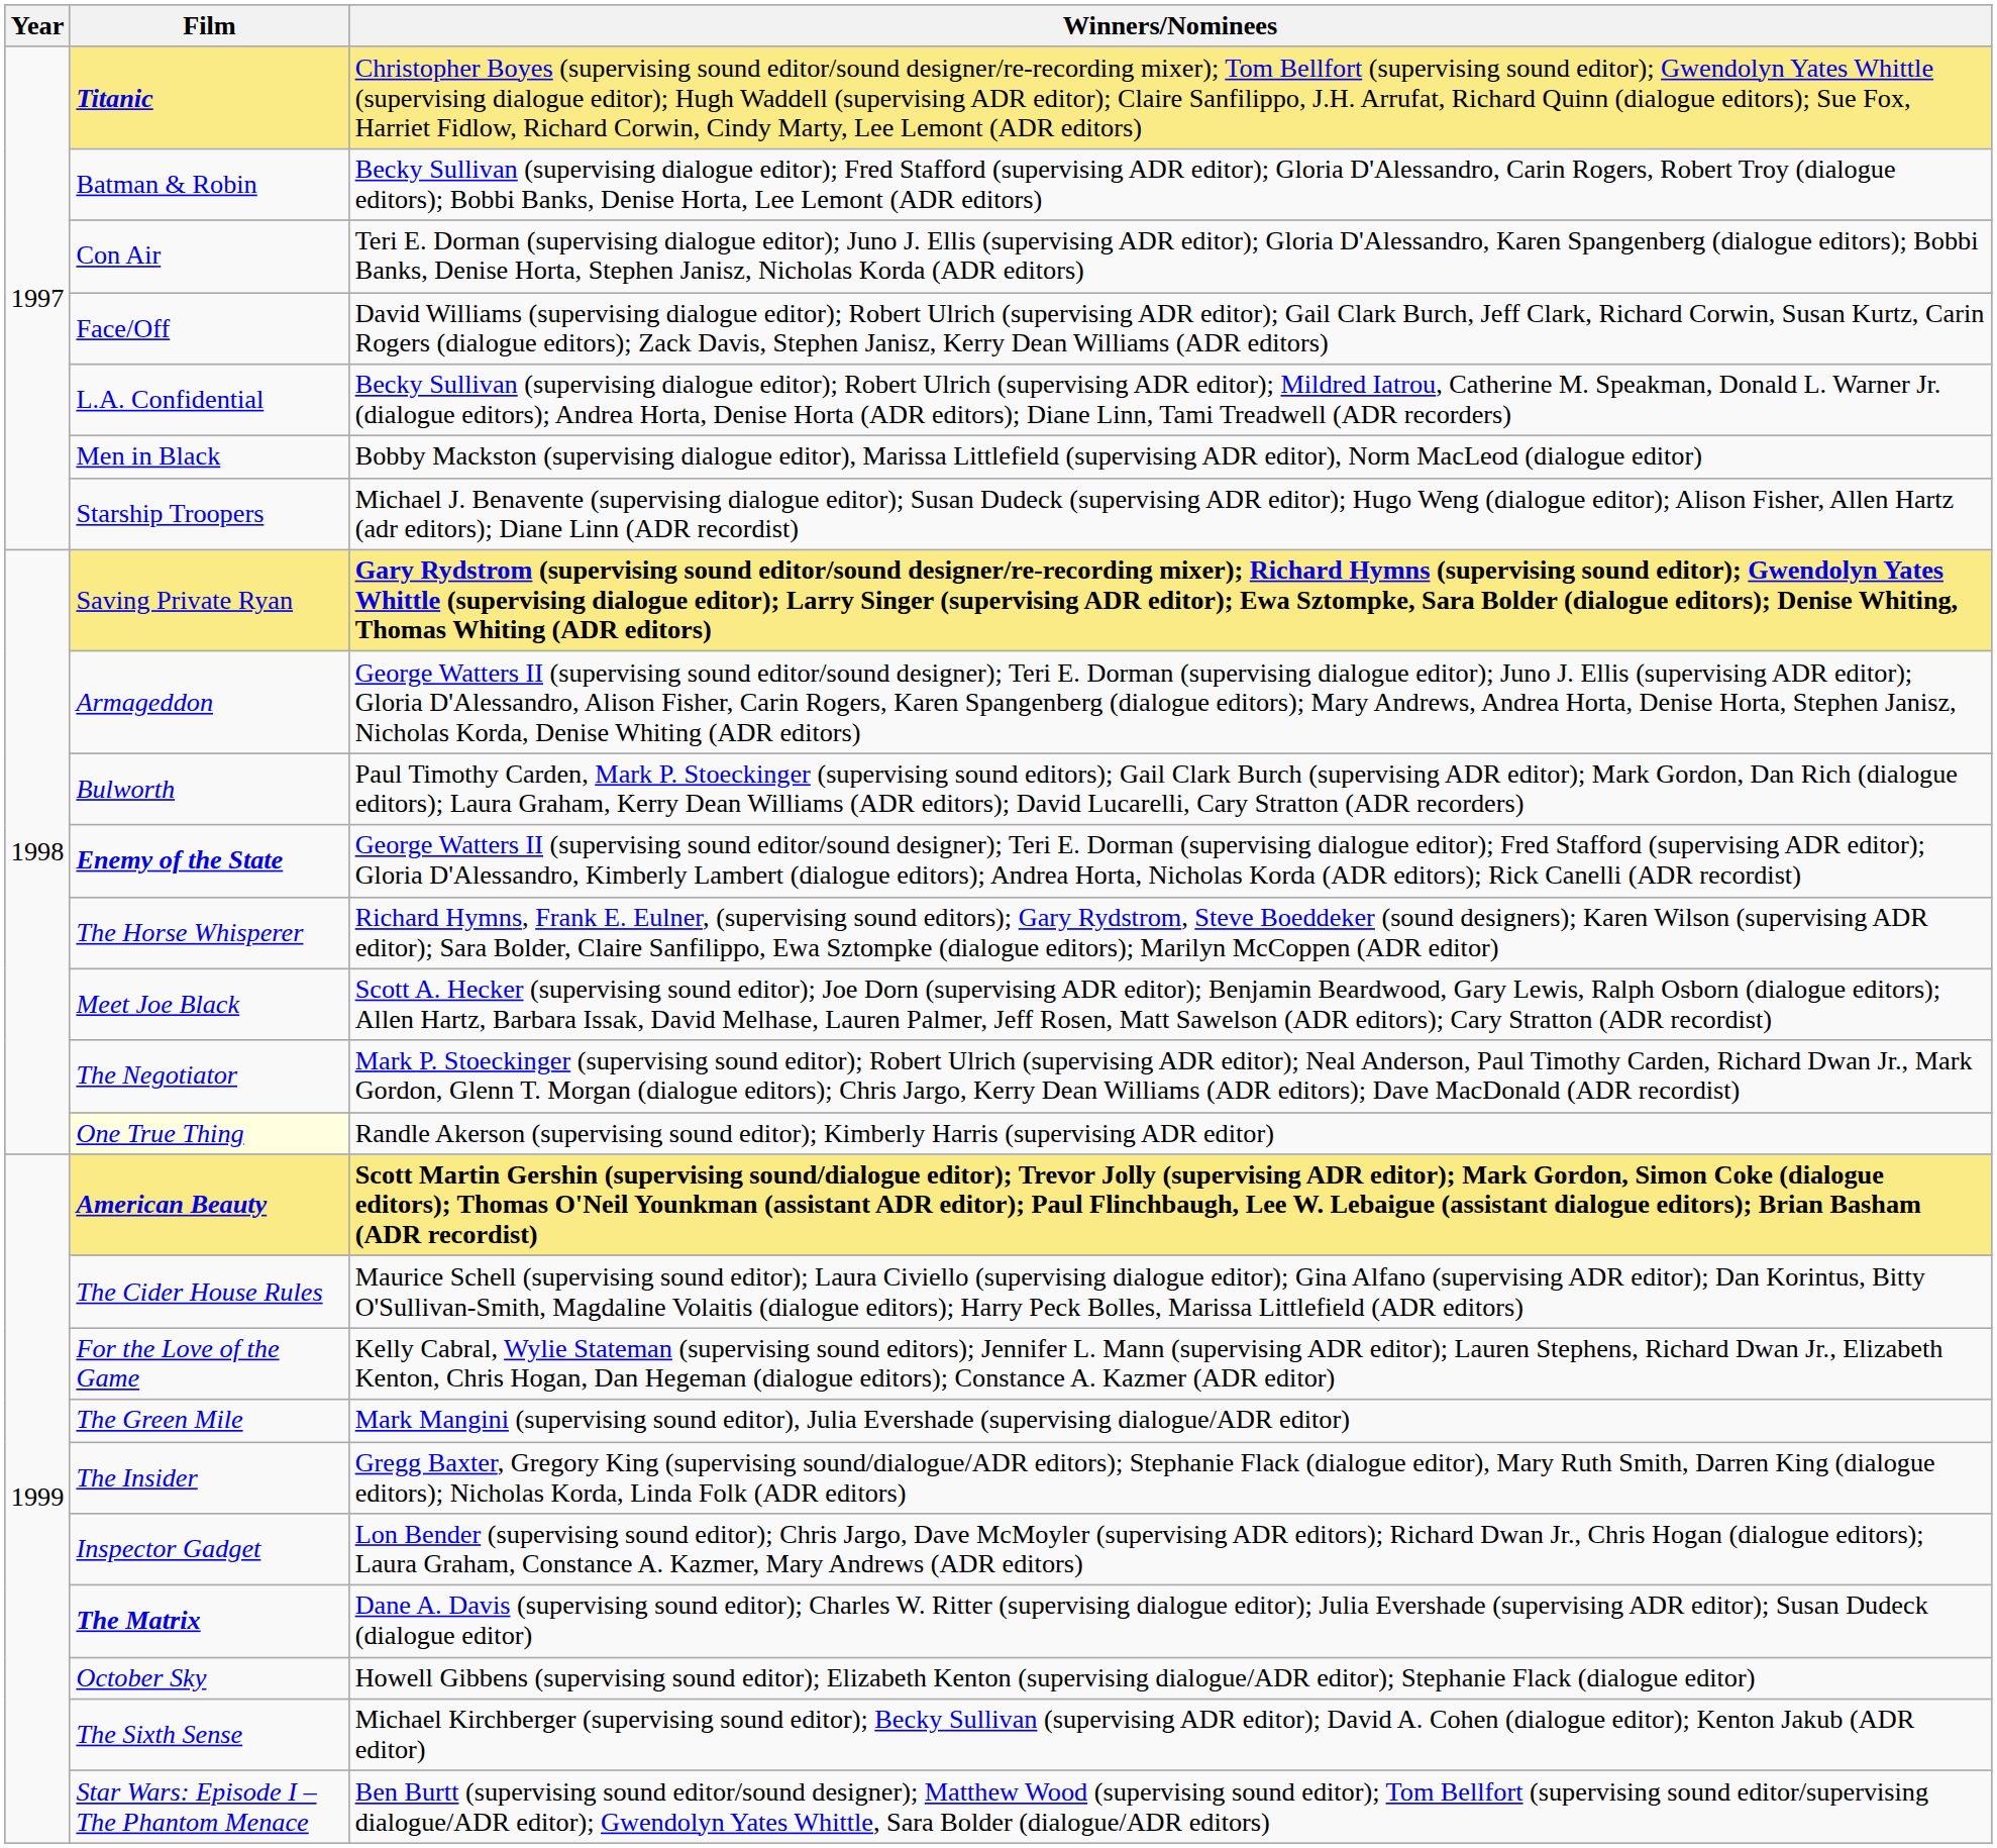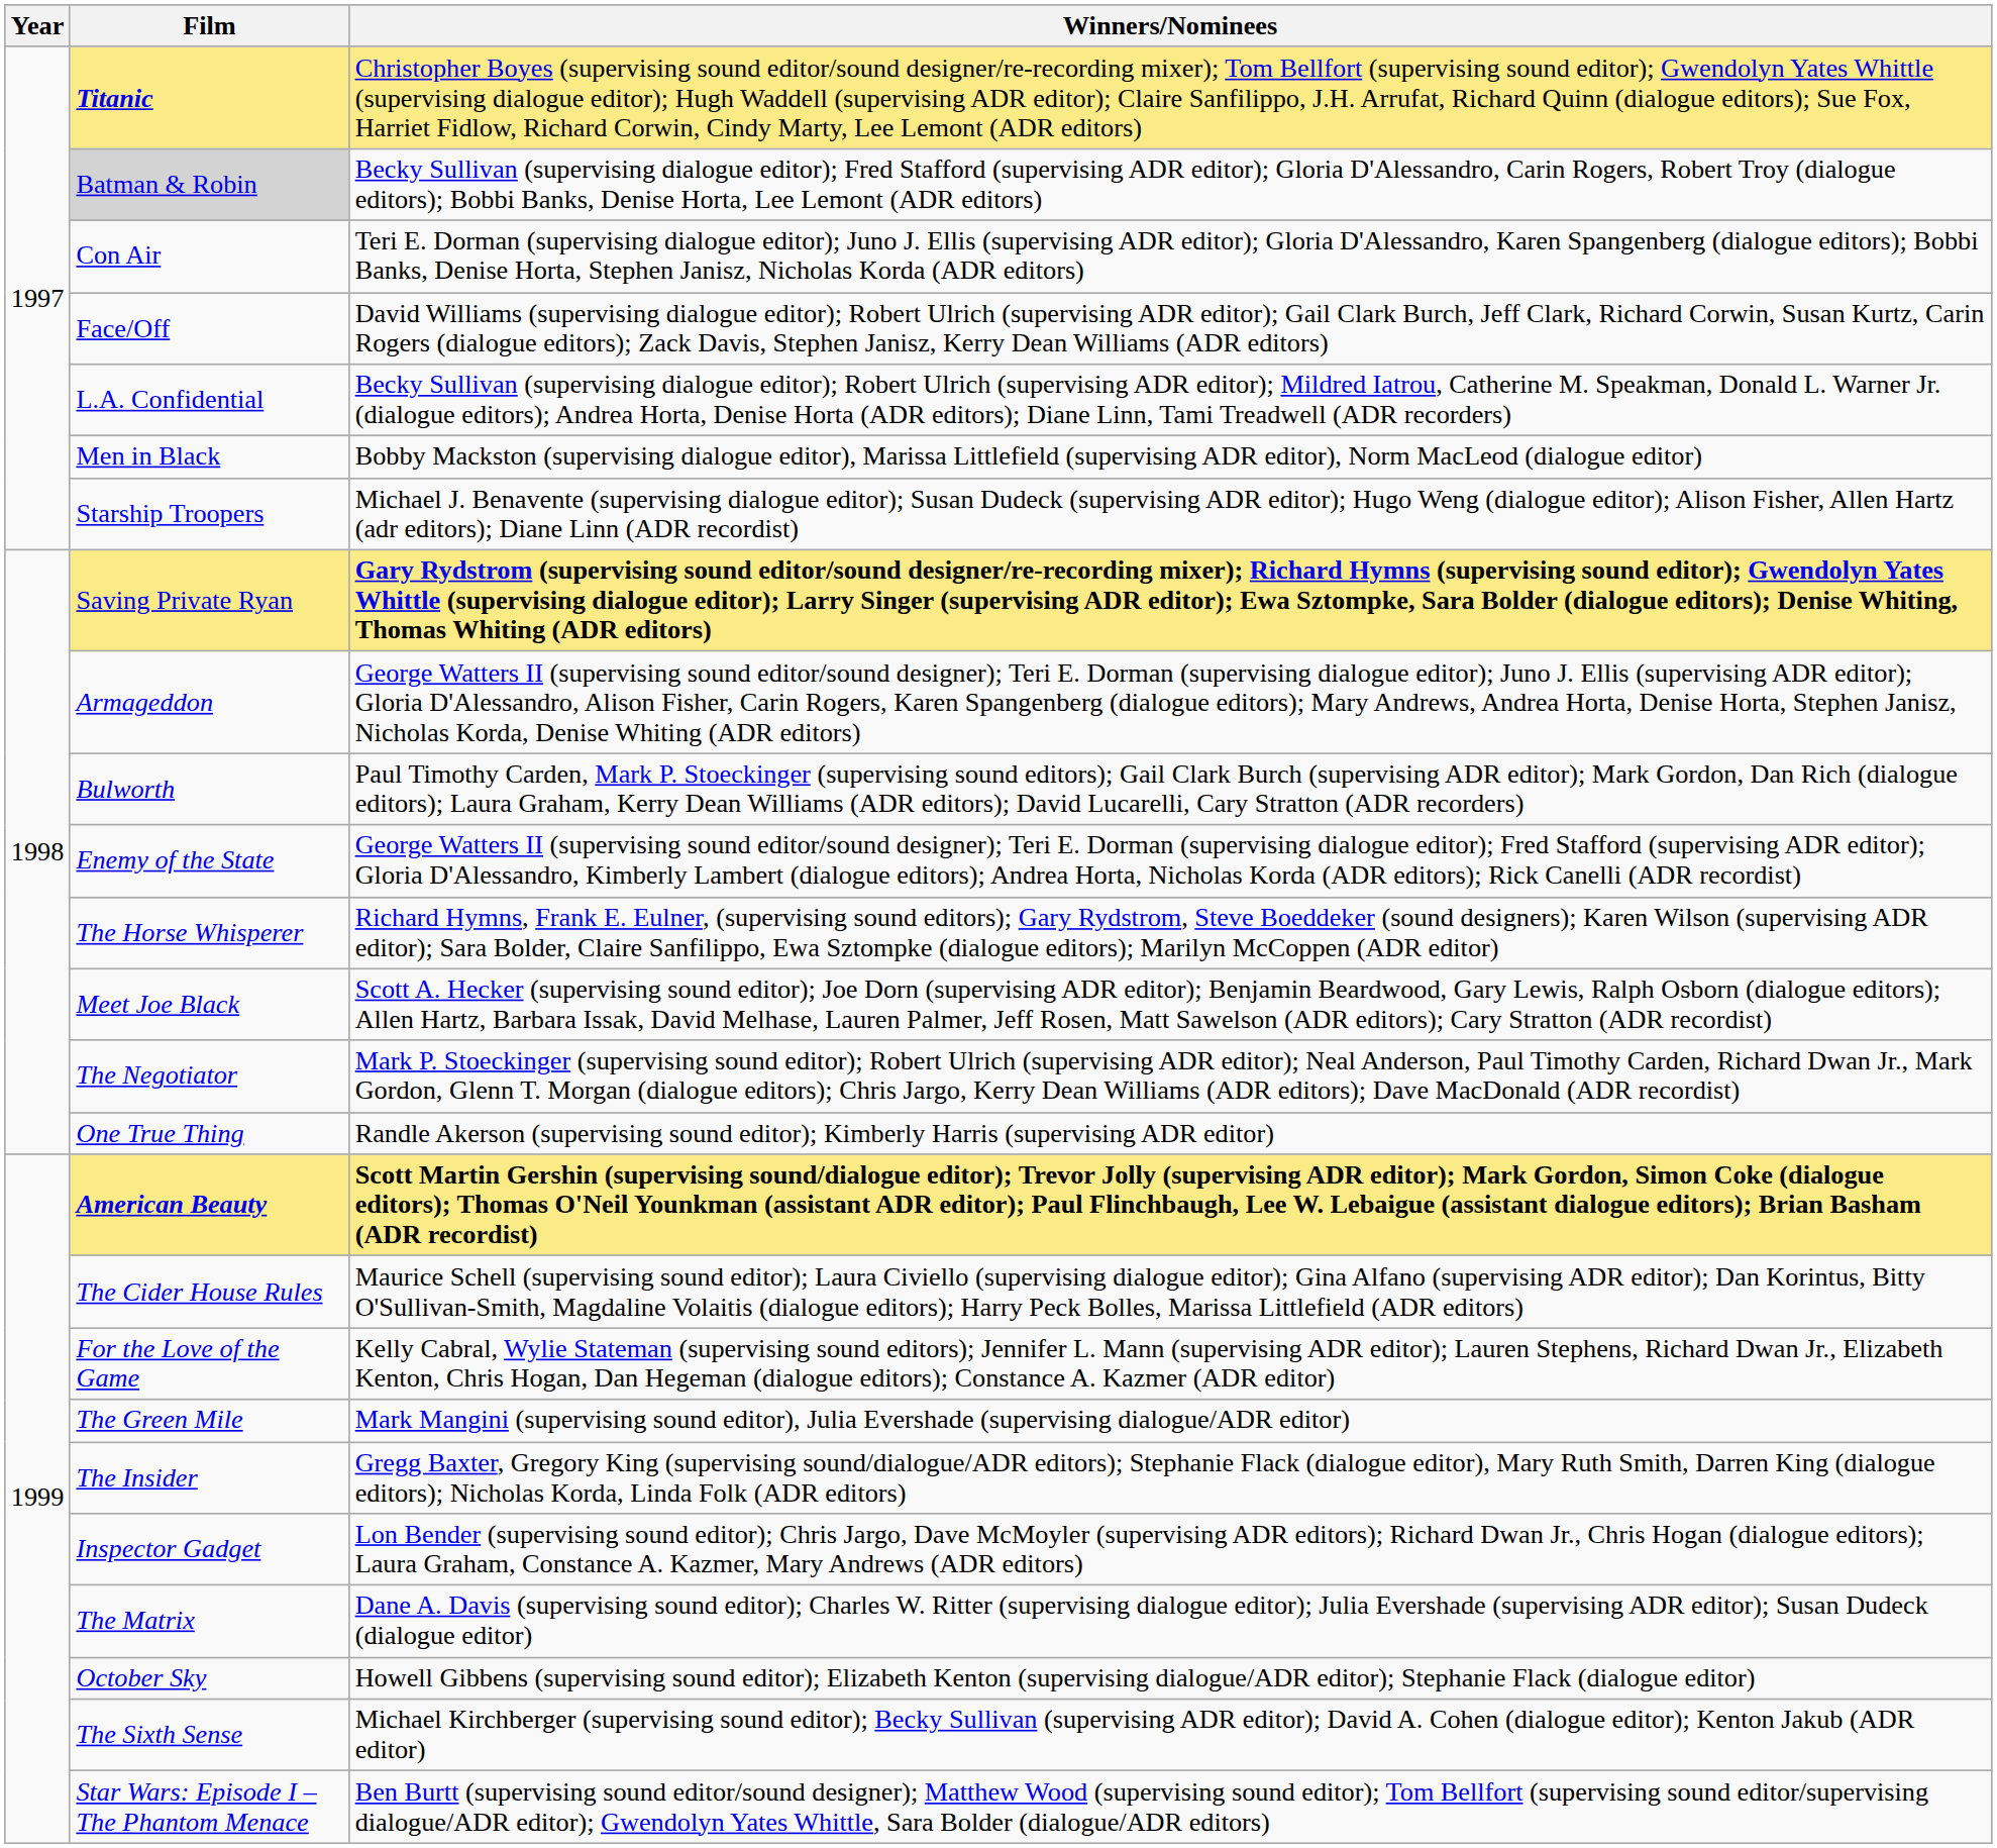 <table class="wikitable" width="95%" cellpadding="5">
 <tr>
 <th>Year</th>
 <th>Film</th>
 <th>Winners/Nominees</th>
 </tr>
 <tr>
 <td rowspan=7 style="text-align:center">1997<br></td>
 <td style="background:#FAEB86;"><strong><em><a href='#'>Titanic</a><em> <strong></td>
 <td style="background:#FAEB86;"></strong><a href='#'>Christopher Boyes</a> (supervising sound editor/sound designer/re-recording mixer); <a href='#'>Tom Bellfort</a> (supervising sound editor); <a href='#'>Gwendolyn Yates Whittle</a> (supervising dialogue editor); Hugh Waddell (supervising ADR editor); Claire Sanfilippo, J.H. Arrufat, Richard Quinn (dialogue editors); Sue Fox, Harriet Fidlow, Richard Corwin, Cindy Marty, Lee Lemont (ADR editors)<strong></td>
 </tr>
 <tr>
-<td></em><a href='#'>Batman & Robin</a><em></td>
+<td style="background: lightgrey;"></em><a href='#'>Batman & Robin</a><em></td>
 <td><a href='#'>Becky Sullivan</a> (supervising dialogue editor); Fred Stafford (supervising ADR editor); Gloria D'Alessandro, Carin Rogers, Robert Troy (dialogue editors); Bobbi Banks, Denise Horta, Lee Lemont (ADR editors)</td>
 </tr>
 <tr>
 <td></em><a href='#'>Con Air</a><em></td>
 <td>Teri E. Dorman (supervising dialogue editor); Juno J. Ellis (supervising ADR editor); Gloria D'Alessandro, Karen Spangenberg (dialogue editors); Bobbi Banks, Denise Horta, Stephen Janisz, Nicholas Korda (ADR editors)</td>
 </tr>
 <tr>
 <td></em><a href='#'>Face/Off</a><em></td>
 <td>David Williams (supervising dialogue editor); Robert Ulrich (supervising ADR editor); Gail Clark Burch, Jeff Clark, Richard Corwin, Susan Kurtz, Carin Rogers (dialogue editors); Zack Davis, Stephen Janisz, Kerry Dean Williams (ADR editors)</td>
 </tr>
 <tr>
 <td></em><a href='#'>L.A. Confidential</a><em></td>
 <td><a href='#'>Becky Sullivan</a> (supervising dialogue editor); Robert Ulrich (supervising ADR editor); <a href='#'>Mildred Iatrou</a>, Catherine M. Speakman, Donald L. Warner Jr. (dialogue editors); Andrea Horta, Denise Horta (ADR editors); Diane Linn, Tami Treadwell (ADR recorders)</td>
 </tr>
 <tr>
 <td></em><a href='#'>Men in Black</a><em></td>
 <td>Bobby Mackston (supervising dialogue editor), Marissa Littlefield (supervising ADR editor), Norm MacLeod (dialogue editor)</td>
 </tr>
 <tr>
 <td></em><a href='#'>Starship Troopers</a><em></td>
 <td>Michael J. Benavente (supervising dialogue editor); Susan Dudeck (supervising ADR editor); Hugo Weng (dialogue editor); Alison Fisher, Allen Hartz (adr editors); Diane Linn (ADR recordist)</td>
 </tr>
 <tr>
 <td rowspan=8 style="text-align:center">1998<br></td>
 <td style="background:#FAEB86;"></em></strong><a href='#'>Saving Private Ryan</a></em> </strong></td>
 <td style="background:#FAEB86;"><strong><a href='#'>Gary Rydstrom</a> (supervising sound editor/sound designer/re-recording mixer); <a href='#'>Richard Hymns</a> (supervising sound editor); <a href='#'>Gwendolyn Yates Whittle</a> (supervising dialogue editor); Larry Singer (supervising ADR editor); Ewa Sztompke, Sara Bolder (dialogue editors); Denise Whiting, Thomas Whiting (ADR editors)</strong></td>
 </tr>
 <tr>
 <td><em><a href='#'>Armageddon</a></em></td>
 <td><a href='#'>George Watters II</a> (supervising sound editor/sound designer); Teri E. Dorman (supervising dialogue editor); Juno J. Ellis (supervising ADR editor); Gloria D'Alessandro, Alison Fisher, Carin Rogers, Karen Spangenberg (dialogue editors); Mary Andrews, Andrea Horta, Denise Horta, Stephen Janisz, Nicholas Korda, Denise Whiting (ADR editors)</td>
 </tr>
 <tr>
 <td><em><a href='#'>Bulworth</a></em></td>
 <td>Paul Timothy Carden, <a href='#'>Mark P. Stoeckinger</a> (supervising sound editors); Gail Clark Burch (supervising ADR editor); Mark Gordon, Dan Rich (dialogue editors); Laura Graham, Kerry Dean Williams (ADR editors); David Lucarelli, Cary Stratton (ADR recorders)</td>
 </tr>
 <tr>
-<td><strong><em><a href='#'>Enemy of the State</a></em></strong></td>
+<td><em><a href='#'>Enemy of the State</a></em></td>
 <td><a href='#'>George Watters II</a> (supervising sound editor/sound designer); Teri E. Dorman (supervising dialogue editor); Fred Stafford (supervising ADR editor); Gloria D'Alessandro, Kimberly Lambert (dialogue editors); Andrea Horta, Nicholas Korda (ADR editors); Rick Canelli (ADR recordist)</td>
 </tr>
 <tr>
 <td><em><a href='#'>The Horse Whisperer</a></em></td>
 <td><a href='#'>Richard Hymns</a>, <a href='#'>Frank E. Eulner</a>, (supervising sound editors); <a href='#'>Gary Rydstrom</a>, <a href='#'>Steve Boeddeker</a> (sound designers); Karen Wilson (supervising ADR editor); Sara Bolder, Claire Sanfilippo, Ewa Sztompke (dialogue editors); Marilyn McCoppen (ADR editor)</td>
 </tr>
 <tr>
 <td><em><a href='#'>Meet Joe Black</a></em></td>
 <td><a href='#'>Scott A. Hecker</a> (supervising sound editor); Joe Dorn (supervising ADR editor); Benjamin Beardwood, Gary Lewis, Ralph Osborn (dialogue editors); Allen Hartz, Barbara Issak, David Melhase, Lauren Palmer, Jeff Rosen, Matt Sawelson (ADR editors); Cary Stratton (ADR recordist)</td>
 </tr>
 <tr>
 <td><em><a href='#'>The Negotiator</a></em></td>
 <td><a href='#'>Mark P. Stoeckinger</a> (supervising sound editor); Robert Ulrich (supervising ADR editor); Neal Anderson, Paul Timothy Carden, Richard Dwan Jr., Mark Gordon, Glenn T. Morgan (dialogue editors); Chris Jargo, Kerry Dean Williams (ADR editors); Dave MacDonald (ADR recordist)</td>
 </tr>
 <tr>
-<td style="background: lightyellow;"><em><a href='#'>One True Thing</a></em></td>
+<td><em><a href='#'>One True Thing</a></em></td>
 <td>Randle Akerson (supervising sound editor); Kimberly Harris (supervising ADR editor)</td>
 </tr>
 <tr>
 <td rowspan=10 style="text-align:center">1999<br></td>
 <td style="background:#FAEB86;"><strong><em><a href='#'>American Beauty</a></em></strong></td>
 <td style="background:#FAEB86;"><strong>Scott Martin Gershin (supervising sound/dialogue editor); Trevor Jolly (supervising ADR editor); Mark Gordon, Simon Coke (dialogue editors); Thomas O'Neil Younkman (assistant ADR editor); Paul Flinchbaugh, Lee W. Lebaigue (assistant dialogue editors); Brian Basham (ADR recordist)</strong></td>
 </tr>
 <tr>
 <td><em><a href='#'>The Cider House Rules</a></em></td>
 <td>Maurice Schell (supervising sound editor); Laura Civiello (supervising dialogue editor); Gina Alfano (supervising ADR editor); Dan Korintus, Bitty O'Sullivan-Smith, Magdaline Volaitis (dialogue editors); Harry Peck Bolles, Marissa Littlefield (ADR editors)</td>
 </tr>
 <tr>
 <td><em><a href='#'>For the Love of the Game</a></em></td>
 <td>Kelly Cabral, <a href='#'>Wylie Stateman</a> (supervising sound editors); Jennifer L. Mann (supervising ADR editor); Lauren Stephens, Richard Dwan Jr., Elizabeth Kenton, Chris Hogan, Dan Hegeman (dialogue editors); Constance A. Kazmer (ADR editor)</td>
 </tr>
 <tr>
 <td><em><a href='#'>The Green Mile</a></em></td>
 <td><a href='#'>Mark Mangini</a> (supervising sound editor), Julia Evershade (supervising dialogue/ADR editor)</td>
 </tr>
 <tr>
 <td><em><a href='#'>The Insider</a></em></td>
 <td><a href='#'>Gregg Baxter</a>, Gregory King (supervising sound/dialogue/ADR editors); Stephanie Flack (dialogue editor), Mary Ruth Smith, Darren King (dialogue editors); Nicholas Korda, Linda Folk (ADR editors)</td>
 </tr>
 <tr>
 <td><em><a href='#'>Inspector Gadget</a></em></td>
 <td><a href='#'>Lon Bender</a> (supervising sound editor); Chris Jargo, Dave McMoyler (supervising ADR editors); Richard Dwan Jr., Chris Hogan (dialogue editors); Laura Graham, Constance A. Kazmer, Mary Andrews (ADR editors)</td>
 </tr>
 <tr>
-<td><strong><em><a href='#'>The Matrix</a></em></strong></td>
+<td><em><a href='#'>The Matrix</a></em></td>
 <td><a href='#'>Dane A. Davis</a> (supervising sound editor); Charles W. Ritter (supervising dialogue editor); Julia Evershade (supervising ADR editor); Susan Dudeck (dialogue editor)</td>
 </tr>
 <tr>
 <td><em><a href='#'>October Sky</a></em></td>
 <td>Howell Gibbens (supervising sound editor); Elizabeth Kenton (supervising dialogue/ADR editor); Stephanie Flack (dialogue editor)</td>
 </tr>
 <tr>
 <td><em><a href='#'>The Sixth Sense</a></em></td>
 <td>Michael Kirchberger (supervising sound editor); <a href='#'>Becky Sullivan</a> (supervising ADR editor); David A. Cohen (dialogue editor); Kenton Jakub (ADR editor)</td>
 </tr>
 <tr>
 <td><em><a href='#'>Star Wars: Episode I – The Phantom Menace</a></em></td>
 <td><a href='#'>Ben Burtt</a> (supervising sound editor/sound designer); <a href='#'>Matthew Wood</a> (supervising sound editor); <a href='#'>Tom Bellfort</a> (supervising sound editor/supervising dialogue/ADR editor); <a href='#'>Gwendolyn Yates Whittle</a>, Sara Bolder (dialogue/ADR editors)</td>
 </tr>
 </table>
